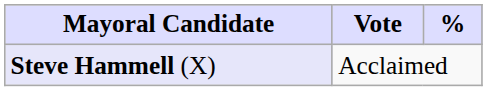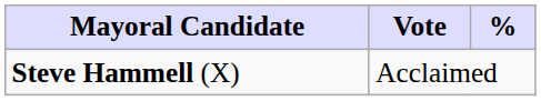 <table class="wikitable">
 <tr>
 <th style="background:#ddf; width:200px;">Mayoral Candidate</th>
 <th style="background:#ddf; width:50px;">Vote</th>
 <th style="background:#ddf; width:30px;">%</th>
 </tr>
 <tr>
-<td style="background: lavender;"><strong>Steve Hammell</strong> (X)</td>
+<td><strong>Steve Hammell</strong> (X)</td>
 <td colspan="2">Acclaimed</td>
 </tr>
 </table>
